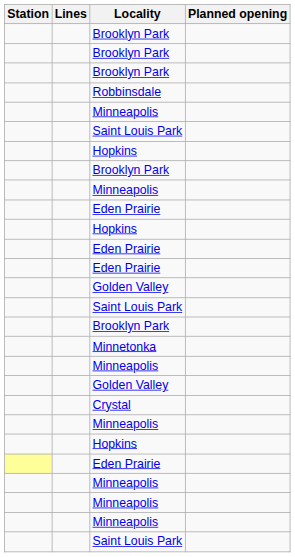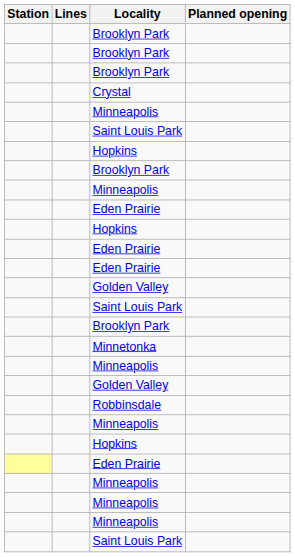 <table class="wikitable sortable plainrowheaders" summary="The first column lists station names; subsequent columns (left to right) indicate which line each station will be served by, in what locality a station will be located, and the intended year of a station's opening. All planned Green Line stations are intended to open in 2027 and all planned Blue Line stations are planned to open in 2028.">
 <tr>
 <th scope="col">Station</th>
 <th class="unsortable" scope="col">Lines</th>
 <th scope="col">Locality</th>
 <th scope="col">Planned opening</th>
 </tr>
 <tr>
 <td scope="row"></td>
 <td></td>
 <td><a href='#'>Brooklyn Park</a></td>
 <td></td>
 </tr>
 <tr>
 <td scope="row"></td>
 <td></td>
 <td><a href='#'>Brooklyn Park</a></td>
 <td></td>
 </tr>
 <tr>
 <td scope="row"></td>
 <td></td>
 <td><a href='#'>Brooklyn Park</a></td>
 <td></td>
 </tr>
 <tr>
 <td scope="row"></td>
 <td></td>
-<td><a href='#'>Robbinsdale</a></td>
+<td><a href='#'>Crystal</a></td>
 <td></td>
 </tr>
 <tr>
 <td scope="row"></td>
 <td></td>
 <td><a href='#'>Minneapolis</a></td>
 <td></td>
 </tr>
 <tr>
 <td scope="row"></td>
 <td></td>
 <td><a href='#'>Saint Louis Park</a></td>
 <td></td>
 </tr>
 <tr>
 <td scope="row"></td>
 <td></td>
 <td><a href='#'>Hopkins</a></td>
 <td></td>
 </tr>
 <tr>
 <td scope="row"></td>
 <td></td>
 <td><a href='#'>Brooklyn Park</a></td>
 <td></td>
 </tr>
 <tr>
 <td scope="row"></td>
 <td></td>
 <td><a href='#'>Minneapolis</a></td>
 <td></td>
 </tr>
 <tr>
 <td scope="row"></td>
 <td></td>
 <td><a href='#'>Eden Prairie</a></td>
 <td></td>
 </tr>
 <tr>
 <td scope="row"></td>
 <td></td>
 <td><a href='#'>Hopkins</a></td>
 <td></td>
 </tr>
 <tr>
 <td scope="row"></td>
 <td></td>
 <td><a href='#'>Eden Prairie</a></td>
 <td></td>
 </tr>
 <tr>
 <td scope="row"></td>
 <td></td>
 <td><a href='#'>Eden Prairie</a></td>
 <td></td>
 </tr>
 <tr>
 <td scope="row"></td>
 <td></td>
 <td><a href='#'>Golden Valley</a></td>
 <td></td>
 </tr>
 <tr>
 <td scope="row"></td>
 <td></td>
 <td><a href='#'>Saint Louis Park</a></td>
 <td></td>
 </tr>
 <tr>
 <td scope="row"></td>
 <td></td>
 <td><a href='#'>Brooklyn Park</a></td>
 <td></td>
 </tr>
 <tr>
 <td scope="row"></td>
 <td></td>
 <td><a href='#'>Minnetonka</a></td>
 <td></td>
 </tr>
 <tr>
 <td scope="row"></td>
 <td></td>
 <td><a href='#'>Minneapolis</a></td>
 <td></td>
 </tr>
 <tr>
 <td scope="row"></td>
 <td></td>
 <td><a href='#'>Golden Valley</a></td>
 <td></td>
 </tr>
 <tr>
 <td scope="row"></td>
 <td></td>
-<td><a href='#'>Crystal</a></td>
+<td><a href='#'>Robbinsdale</a></td>
 <td></td>
 </tr>
 <tr>
 <td scope="row"></td>
 <td></td>
 <td><a href='#'>Minneapolis</a></td>
 <td></td>
 </tr>
 <tr>
 <td scope="row"></td>
 <td></td>
 <td><a href='#'>Hopkins</a></td>
 <td></td>
 </tr>
 <tr>
 <td scope="row" style="background-color:#FFFF99;"></td>
 <td></td>
 <td><a href='#'>Eden Prairie</a></td>
 <td></td>
 </tr>
 <tr>
 <td scope="row"></td>
 <td></td>
 <td><a href='#'>Minneapolis</a></td>
 <td></td>
 </tr>
 <tr>
 <td scope="row"></td>
 <td></td>
 <td><a href='#'>Minneapolis</a></td>
 <td></td>
 </tr>
 <tr>
 <td scope="row"></td>
 <td></td>
 <td><a href='#'>Minneapolis</a></td>
 <td></td>
 </tr>
 <tr>
 <td scope="row"></td>
 <td></td>
 <td><a href='#'>Saint Louis Park</a></td>
 <td></td>
 </tr>
 </table>
